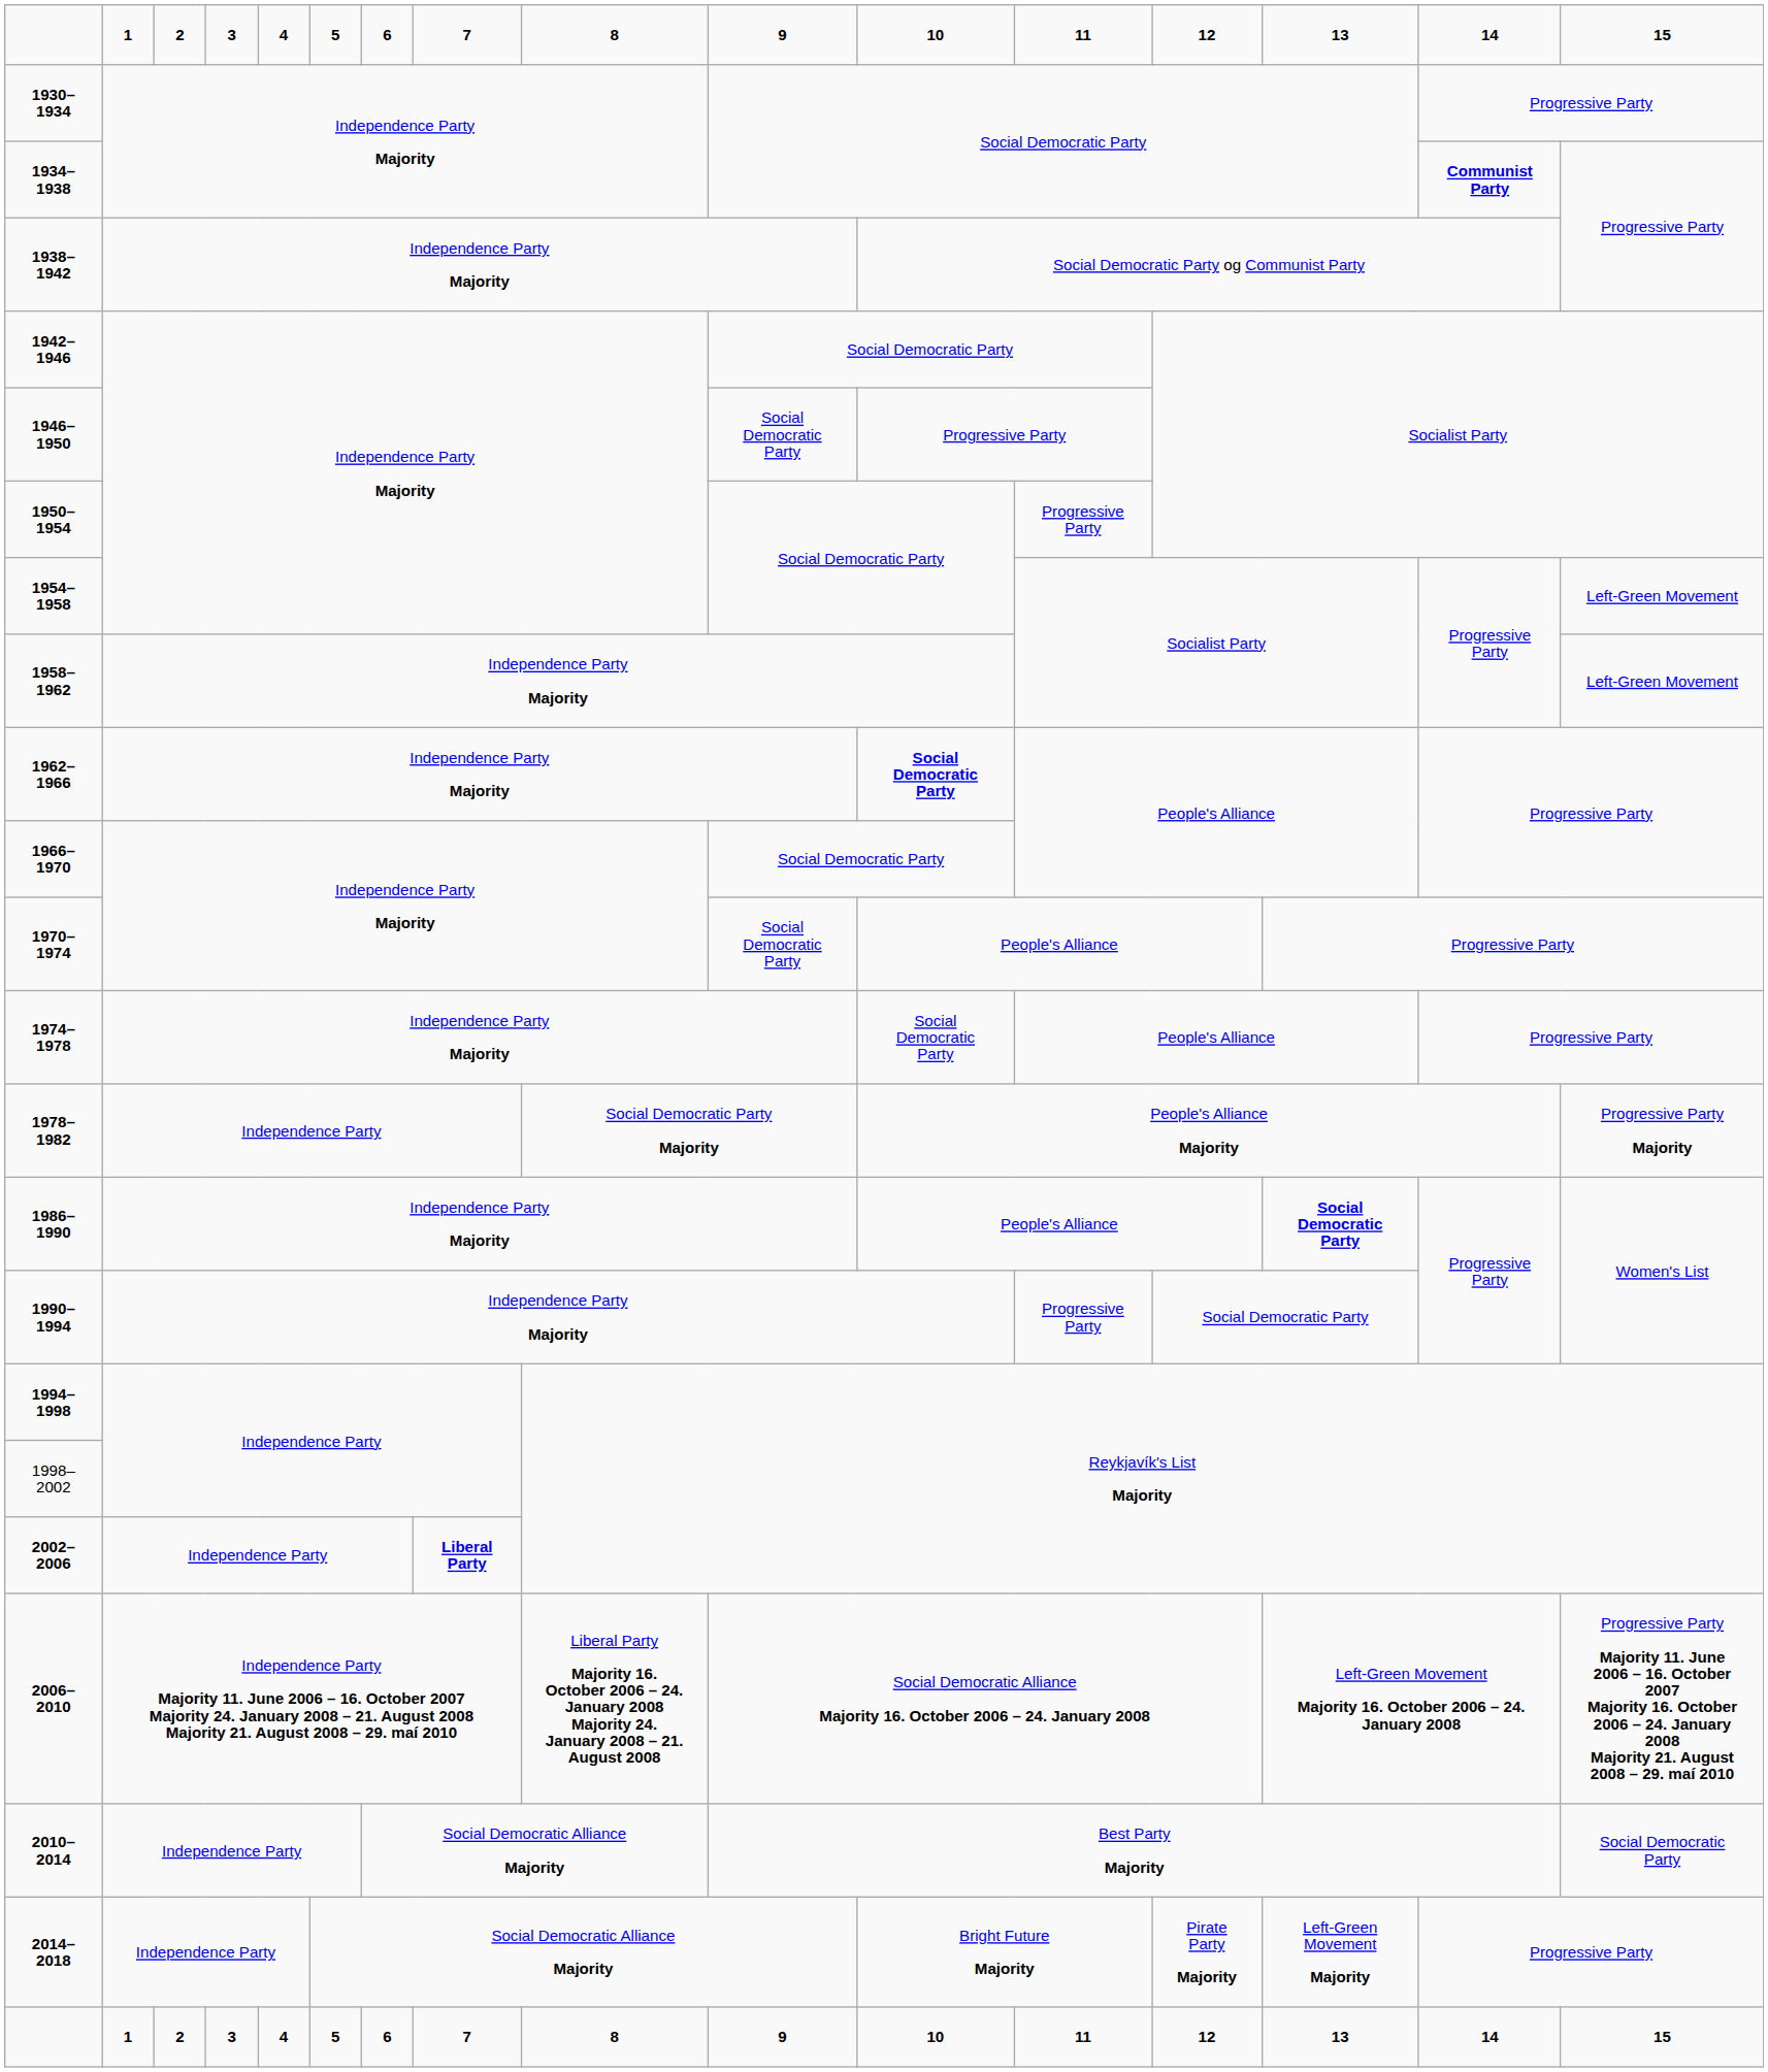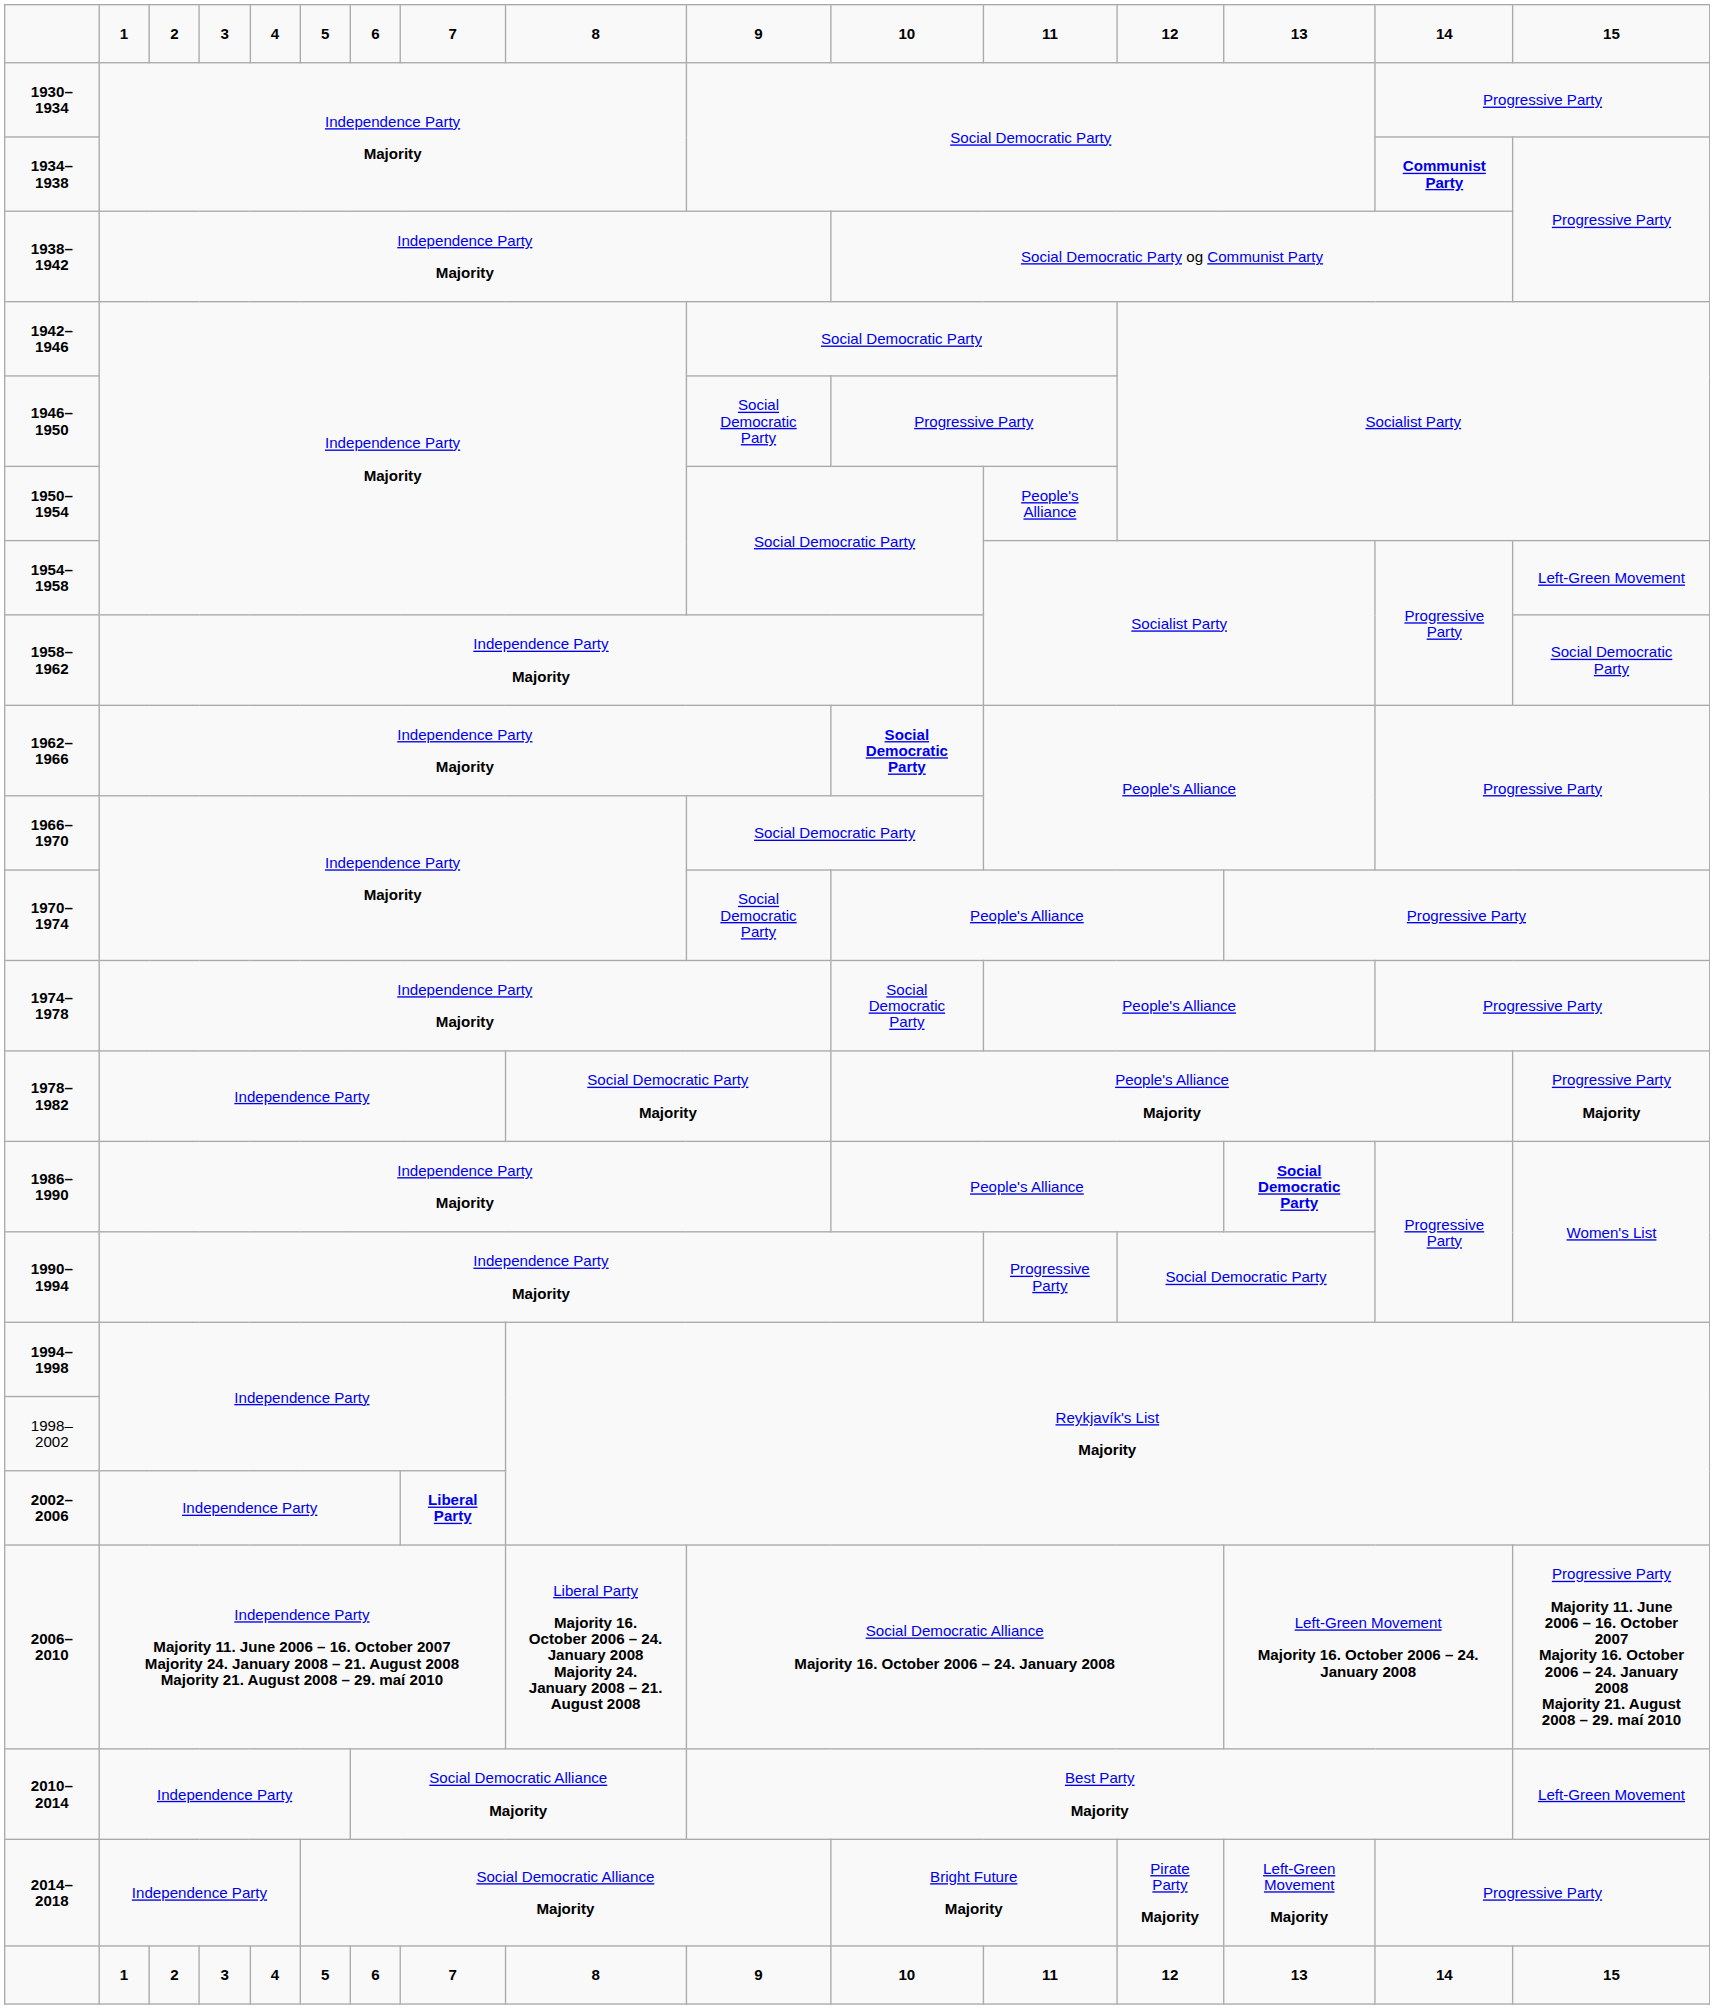 <table border=1 cellpadding=15 cellspacing=0 style="background: #f9f9f9; border: 1px #aaaaaa solid; border-collapse: collapse; font-size: 70%; text-align: center;">
 <tr>
 <th></th>
 <th>1</th>
 <th>2</th>
 <th>3</th>
 <th>4</th>
 <th>5</th>
 <th>6</th>
 <th>7</th>
 <th>8</th>
 <th>9</th>
 <th>10</th>
 <th>11</th>
 <th>12</th>
 <th>13</th>
 <th>14</th>
 <th>15</th>
 </tr>
 <tr>
 <th>1930–1934</th>
 <td colspan="8" rowspan="2"><a href='#'>Independence Party</a><br><br><strong>Majority</strong></td>
 <td colspan="5" rowspan="2"><a href='#'>Social Democratic Party</a></td>
 <td colspan="2" rowspan="1"><a href='#'>Progressive Party</a></td>
 </tr>
 <tr>
 <th>1934–1938</th>
 <td colspan="1" rowspan="1"><strong><a href='#'>Communist Party</a></strong></td>
 <td colspan="1" rowspan="2"><a href='#'>Progressive Party</a></td>
 </tr>
 <tr>
 <th>1938–1942</th>
 <td colspan="9" rowspan="1"><a href='#'>Independence Party</a><br><br><strong>Majority</strong></td>
 <td colspan="5" rowspan="1"><a href='#'>Social Democratic Party</a> og <a href='#'>Communist Party</a></td>
 </tr>
 <tr>
 <th>1942–1946</th>
 <td colspan="8" rowspan="4"><a href='#'>Independence Party</a><br><br><strong>Majority</strong></td>
 <td colspan="3" rowspan="1"><a href='#'>Social Democratic Party</a></td>
 <td colspan="4" rowspan="3"><a href='#'>Socialist Party</a></td>
 </tr>
 <tr>
 <th>1946–1950</th>
 <td colspan="1" rowspan="1"><a href='#'>Social Democratic Party</a></td>
 <td colspan="2" rowspan="1"><a href='#'>Progressive Party</a></td>
 </tr>
 <tr>
 <th>1950–1954</th>
 <td colspan="2" rowspan="2"><a href='#'>Social Democratic Party</a></td>
-<td colspan="1" rowspan="1"><a href='#'>Progressive Party</a></td>
+<td colspan="1" rowspan="1"><a href='#'>People's Alliance</a></td>
 </tr>
 <tr>
 <th>1954–1958</th>
 <td colspan="3" rowspan="2"><a href='#'>Socialist Party</a></td>
 <td colspan="1" rowspan="2"><a href='#'>Progressive Party</a></td>
 <td colspan="1" rowspan="1"><a href='#'>Left-Green Movement</a></td>
 </tr>
 <tr>
 <th>1958–1962</th>
 <td colspan="10" rowspan="1"><a href='#'>Independence Party</a><br><br><strong>Majority</strong></td>
-<td colspan="1" rowspan="1"><a href='#'>Left-Green Movement</a></td>
+<td colspan="1" rowspan="1"><a href='#'>Social Democratic Party</a></td>
 </tr>
 <tr>
 <th>1962–1966</th>
 <td colspan="9" rowspan="1"><a href='#'>Independence Party</a><br><br><strong>Majority</strong></td>
 <td colspan="1" rowspan="1"><strong><a href='#'>Social Democratic Party</a></strong></td>
 <td colspan="3" rowspan="2"><a href='#'>People's Alliance</a></td>
 <td colspan="2" rowspan="2"><a href='#'>Progressive Party</a></td>
 </tr>
 <tr>
 <th>1966–1970</th>
 <td colspan="8" rowspan="2"><a href='#'>Independence Party</a><br><br><strong>Majority</strong></td>
 <td colspan="2" rowspan="1"><a href='#'>Social Democratic Party</a></td>
 </tr>
 <tr>
 <th>1970–1974</th>
 <td colspan="1" rowspan="1"><a href='#'>Social Democratic Party</a></td>
 <td colspan="3" rowspan="1"><a href='#'>People's Alliance</a></td>
 <td colspan="3" rowspan="1"><a href='#'>Progressive Party</a></td>
 </tr>
 <tr>
 <th>1974–1978</th>
 <td colspan="9" rowspan="1"><a href='#'>Independence Party</a><br><br><strong>Majority</strong></td>
 <td colspan="1" rowspan="1"><a href='#'>Social Democratic Party</a></td>
 <td colspan="3" rowspan="1"><a href='#'>People's Alliance</a></td>
 <td colspan="2" rowspan="1"><a href='#'>Progressive Party</a></td>
 </tr>
 <tr>
 <th>1978–1982</th>
 <td colspan="7" rowspan="1"><a href='#'>Independence Party</a></td>
 <td colspan="2" rowspan="1"><a href='#'>Social Democratic Party</a><br><br><strong>Majority</strong></td>
 <td colspan="5" rowspan="1"><a href='#'>People's Alliance</a><br><br><strong>Majority</strong></td>
 <td colspan="1" rowspan="1"><a href='#'>Progressive Party</a><br><br><strong>Majority</strong></td>
 </tr>
 <tr>
 <th>1986–1990</th>
 <td colspan="9" rowspan="1"><a href='#'>Independence Party</a><br><br><strong>Majority</strong></td>
 <td colspan="3" rowspan="1"><a href='#'>People's Alliance</a></td>
 <td colspan="1" rowspan="1"><strong><a href='#'>Social Democratic Party</a></strong></td>
 <td colspan="1" rowspan="2"><a href='#'>Progressive Party</a></td>
 <td colspan="1" rowspan="2"><a href='#'>Women's List</a></td>
 </tr>
 <tr>
 <th>1990–1994</th>
 <td colspan="10" rowspan="1"><a href='#'>Independence Party</a><br><br><strong>Majority</strong></td>
 <td colspan="1" rowspan="1"><a href='#'>Progressive Party</a></td>
 <td colspan="2" rowspan="1"><a href='#'>Social Democratic Party</a></td>
 </tr>
 <tr>
 <th>1994–1998</th>
 <td colspan="7" rowspan="2"><a href='#'>Independence Party</a></td>
 <td colspan="8" rowspan="3"><a href='#'>Reykjavík's List</a><br><br><strong>Majority</strong></td>
 </tr>
 <tr>
 <td>1998–2002</td>
 </tr>
 <tr>
 <th>2002–2006</th>
 <td colspan="6" rowspan="1"><a href='#'>Independence Party</a></td>
 <td colspan="1" rowspan="1"><strong><a href='#'>Liberal Party</a></strong></td>
 </tr>
 <tr>
 <th>2006–2010</th>
 <td colspan="7" rowspan="1"><a href='#'>Independence Party</a><br><br><strong>Majority 11. June 2006 – 16. October 2007</strong><br> <strong>Majority 24. January 2008 – 21. August 2008</strong><br> <strong>Majority 21. August 2008 – 29. maí 2010</strong></td>
 <td colspan="1" rowspan="1"><a href='#'>Liberal Party</a><br><br><strong>Majority 16. October 2006 – 24. January 2008</strong><br> <strong>Majority 24. January 2008 – 21. August 2008</strong></td>
 <td colspan="4" rowspan="1"><a href='#'>Social Democratic Alliance</a><br><br><strong>Majority 16. October 2006 – 24. January 2008</strong></td>
 <td colspan="2" rowspan="1"><a href='#'>Left-Green Movement</a><br><br><strong>Majority 16. October 2006 – 24. January 2008</strong></td>
 <td colspan="1" rowspan="1"><a href='#'>Progressive Party</a><br><br><strong>Majority 11. June 2006 – 16. October 2007</strong><br> <strong>Majority 16. October 2006 – 24. January 2008</strong><br> <strong>Majority 21. August 2008 – 29. maí 2010</strong></td>
 </tr>
 <tr>
 <th>2010–2014</th>
 <td colspan="5" rowspan="1"><a href='#'>Independence Party</a></td>
 <td colspan="3" rowspan="1"><a href='#'>Social Democratic Alliance</a><br><br><strong>Majority</strong></td>
 <td colspan="6" rowspan="1"><a href='#'>Best Party</a><br><br><strong>Majority</strong></td>
-<td colspan="1" rowspan="1"><a href='#'>Social Democratic Party</a></td>
+<td colspan="1" rowspan="1"><a href='#'>Left-Green Movement</a></td>
 </tr>
 <tr>
 <th>2014–2018</th>
 <td colspan="4" rowspan="1"><a href='#'>Independence Party</a></td>
 <td colspan="5" rowspan="1"><a href='#'>Social Democratic Alliance</a><br><br><strong>Majority</strong></td>
 <td colspan="2" rowspan="1"><a href='#'>Bright Future</a><br><br><strong>Majority</strong></td>
 <td colspan="1" rowspan="1"><a href='#'>Pirate Party</a><br><br><strong>Majority</strong></td>
 <td colspan="1" rowspan="1"><a href='#'>Left-Green Movement</a><br><br><strong>Majority</strong></td>
 <td colspan="2" rowspan="1"><a href='#'>Progressive Party</a></td>
 </tr>
 <tr>
 <th></th>
 <th>1</th>
 <th>2</th>
 <th>3</th>
 <th>4</th>
 <th>5</th>
 <th>6</th>
 <th>7</th>
 <th>8</th>
 <th>9</th>
 <th>10</th>
 <th>11</th>
 <th>12</th>
 <th>13</th>
 <th>14</th>
 <th>15</th>
 </tr>
 </table>
